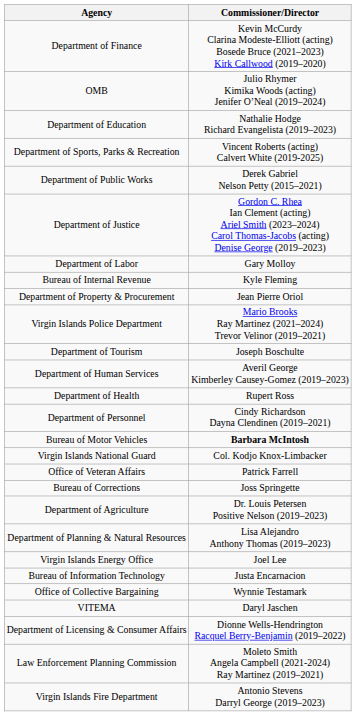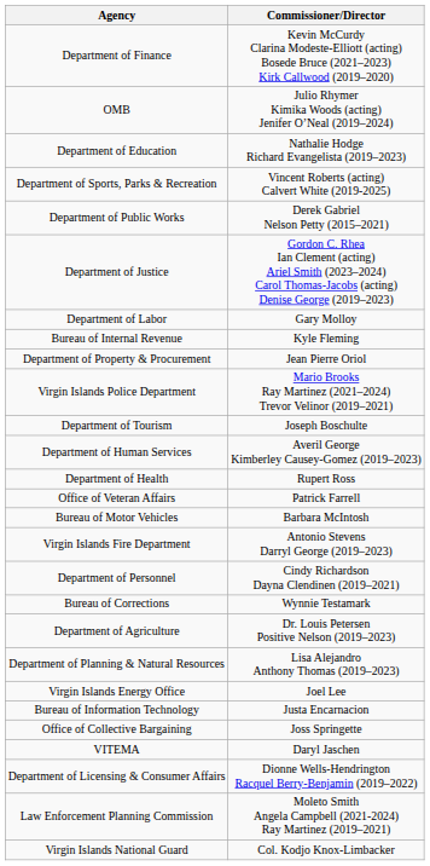 <table class="wikitable" style="font-size:90%">
 <tr valign=bottom>
 <th>Agency</th>
 <th>Commissioner/Director</th>
 </tr>
 <tr>
 <td align=center>Department of Finance</td>
 <td align=center>Kevin McCurdy<br>Clarina Modeste-Elliott (acting)<br> Bosede Bruce (2021–2023)<br> <a href='#'>Kirk Callwood</a> (2019–2020)</td>
 </tr>
 <tr>
 <td align=center>OMB</td>
 <td align=center>Julio Rhymer<br> Kimika Woods (acting)<br> Jenifer O’Neal (2019–2024)</td>
 </tr>
 <tr>
 <td align=center>Department of Education</td>
 <td align=center>Nathalie Hodge<br> Richard Evangelista (2019–2023)</td>
 </tr>
 <tr>
 <td align=center>Department of Sports, Parks & Recreation</td>
 <td align=center>Vincent Roberts (acting) <br> Calvert White (2019-2025)</td>
 </tr>
 <tr>
 <td align=center>Department of Public Works</td>
 <td align=center>Derek Gabriel <br> Nelson Petty (2015–2021)</td>
 </tr>
 <tr>
 <td align=center>Department of Justice</td>
 <td align=center><a href='#'>Gordon C. Rhea</a><br>Ian Clement (acting)<br><a href='#'>Ariel Smith</a> (2023–2024)<br> <a href='#'>Carol Thomas-Jacobs</a> (acting)<br> <a href='#'>Denise George</a> (2019–2023)</td>
 </tr>
 <tr>
 <td align=center>Department of Labor</td>
 <td align=center>Gary Molloy</td>
 </tr>
 <tr>
 <td align=center>Bureau of Internal Revenue</td>
 <td align=center>Kyle Fleming</td>
 </tr>
 <tr>
 <td align=center>Department of Property & Procurement</td>
 <td align=center>Jean Pierre Oriol</td>
 </tr>
 <tr>
 <td align=center>Virgin Islands Police Department</td>
 <td align=center><a href='#'>Mario Brooks</a><br>Ray Martinez (2021–2024)<br> Trevor Velinor (2019–2021)</td>
 </tr>
 <tr>
 <td align=center>Department of Tourism</td>
 <td align=center>Joseph Boschulte</td>
 </tr>
 <tr>
 <td align=center>Department of Human Services</td>
 <td align=center>Averil George<br> Kimberley Causey-Gomez (2019–2023)</td>
 </tr>
 <tr>
 <td align=center>Department of Health</td>
 <td align=center>Rupert Ross</td>
 </tr>
 <tr>
+<td align=center>Office of Veteran Affairs</td>
+<td align=center>Patrick Farrell</td>
+</tr>
+<tr>
+<td align=center>Bureau of Motor Vehicles</td>
+<td align=center>Barbara McIntosh</td>
+</tr>
+<tr>
+<td align=center>Virgin Islands Fire Department</td>
+<td align=center>Antonio Stevens<br> Darryl George (2019–2023)</td>
+</tr>
+<tr>
 <td align=center>Department of Personnel</td>
 <td align=center>Cindy Richardson<br> Dayna Clendinen (2019–2021)</td>
 </tr>
 <tr>
-<td align=center>Bureau of Motor Vehicles</td>
-<td align=center><strong>Barbara McIntosh</strong></td>
-</tr>
-<tr>
-<td align=center>Virgin Islands National Guard</td>
-<td align=center>Col. Kodjo Knox-Limbacker</td>
-</tr>
-<tr>
-<td align=center>Office of Veteran Affairs</td>
-<td align=center>Patrick Farrell</td>
-</tr>
-<tr>
 <td align=center>Bureau of Corrections</td>
-<td align=center>Joss Springette</td>
+<td align=center>Wynnie Testamark</td>
 </tr>
 <tr>
 <td align=center>Department of Agriculture</td>
 <td align=center>Dr. Louis Petersen<br> Positive Nelson (2019–2023)</td>
 </tr>
 <tr>
 <td align=center>Department of Planning & Natural Resources</td>
 <td align=center>Lisa Alejandro<br> Anthony Thomas (2019–2023)</td>
 </tr>
 <tr>
 <td align=center>Virgin Islands Energy Office</td>
 <td align=center>Joel Lee</td>
 </tr>
 <tr>
 <td align=center>Bureau of Information Technology</td>
 <td align=center>Justa Encarnacion</td>
 </tr>
 <tr>
 <td align=center>Office of Collective Bargaining</td>
-<td align=center>Wynnie Testamark</td>
+<td align=center>Joss Springette</td>
 </tr>
 <tr>
 <td align=center>VITEMA</td>
 <td align=center>Daryl Jaschen</td>
 </tr>
 <tr>
 <td align=center>Department of Licensing & Consumer Affairs</td>
 <td align=center>Dionne Wells-Hendrington <br> <a href='#'>Racquel Berry-Benjamin</a> (2019–2022)</td>
 </tr>
 <tr>
 <td align=center>Law Enforcement Planning Commission</td>
 <td align=center>Moleto Smith<br> Angela Campbell (2021-2024)<br> Ray Martinez (2019–2021)</td>
 </tr>
 <tr>
-<td align=center>Virgin Islands Fire Department</td>
-<td align=center>Antonio Stevens<br> Darryl George (2019–2023)</td>
+<td align=center>Virgin Islands National Guard</td>
+<td align=center>Col. Kodjo Knox-Limbacker</td>
 </tr>
 </table>
